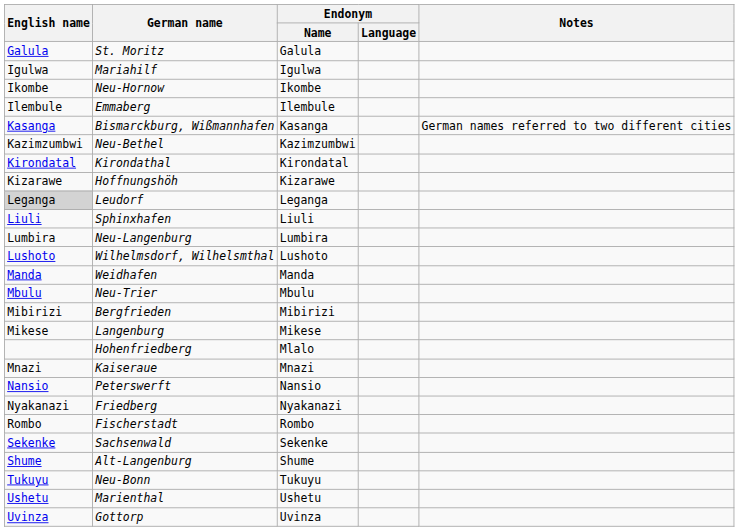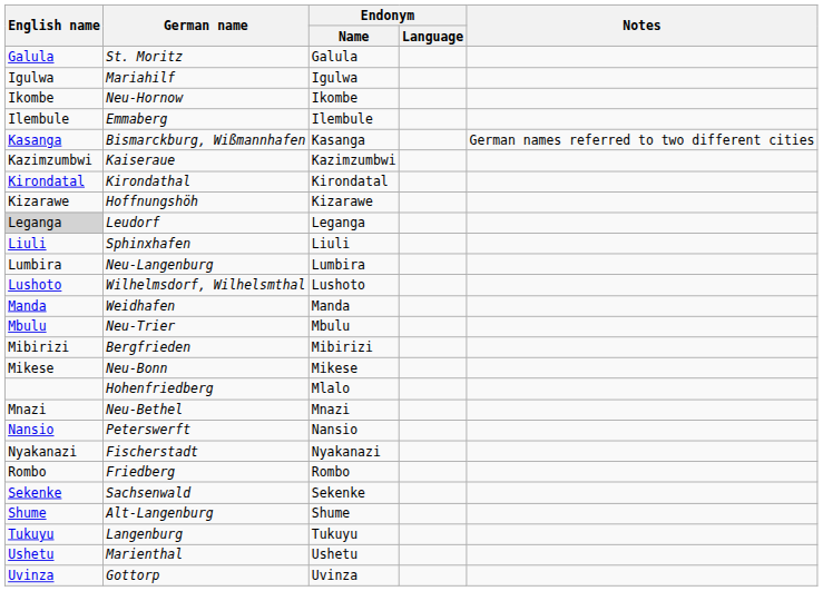 <table class="wikitable sortable mw-collapsible">
 <tr>
 <th rowspan="2">English name</th>
 <th rowspan="2">German name</th>
 <th colspan="2">Endonym</th>
 <th rowspan="2">Notes</th>
 </tr>
 <tr>
 <th>Name</th>
 <th>Language</th>
 </tr>
 <tr>
 <td><a href='#'>Galula</a></td>
 <td><em>St. Moritz</em></td>
 <td>Galula</td>
 <td></td>
 <td></td>
 </tr>
 <tr>
 <td>Igulwa</td>
 <td><em>Mariahilf</em></td>
 <td>Igulwa</td>
 <td></td>
 <td></td>
 </tr>
 <tr>
 <td>Ikombe</td>
 <td><em>Neu-Hornow</em></td>
 <td>Ikombe</td>
 <td></td>
 <td></td>
 </tr>
 <tr>
 <td>Ilembule</td>
 <td><em>Emmaberg</em></td>
 <td>Ilembule</td>
 <td></td>
 <td></td>
 </tr>
 <tr>
 <td><a href='#'>Kasanga</a></td>
 <td><em>Bismarckburg, Wißmannhafen</em></td>
 <td>Kasanga</td>
 <td></td>
 <td>German names referred to two different cities</td>
 </tr>
 <tr>
 <td>Kazimzumbwi</td>
-<td><em>Neu-Bethel</em></td>
+<td><em>Kaiseraue</em></td>
 <td>Kazimzumbwi</td>
 <td></td>
 <td></td>
 </tr>
 <tr>
 <td><a href='#'>Kirondatal</a></td>
 <td><em>Kirondathal</em></td>
 <td>Kirondatal</td>
 <td></td>
 <td></td>
 </tr>
 <tr>
 <td>Kizarawe</td>
 <td><em>Hoffnungshöh</em></td>
 <td>Kizarawe</td>
 <td></td>
 <td></td>
 </tr>
 <tr>
 <td style="background: lightgrey;">Leganga</td>
 <td><em>Leudorf</em></td>
 <td>Leganga</td>
 <td></td>
 <td></td>
 </tr>
 <tr>
 <td><a href='#'>Liuli</a></td>
 <td><em>Sphinxhafen</em></td>
 <td>Liuli</td>
 <td></td>
 <td></td>
 </tr>
 <tr>
 <td>Lumbira</td>
 <td><em>Neu-Langenburg</em></td>
 <td>Lumbira</td>
 <td></td>
 <td></td>
 </tr>
 <tr>
 <td><a href='#'>Lushoto</a></td>
 <td><em>Wilhelmsdorf, Wilhelsmthal</em></td>
 <td>Lushoto</td>
 <td></td>
 <td></td>
 </tr>
 <tr>
 <td><a href='#'>Manda</a></td>
 <td><em>Weidhafen</em></td>
 <td>Manda</td>
 <td></td>
 <td></td>
 </tr>
 <tr>
 <td><a href='#'>Mbulu</a></td>
 <td><em>Neu-Trier</em></td>
 <td>Mbulu</td>
 <td></td>
 <td></td>
 </tr>
 <tr>
 <td>Mibirizi</td>
 <td><em>Bergfrieden</em></td>
 <td>Mibirizi</td>
 <td></td>
 <td></td>
 </tr>
 <tr>
 <td>Mikese</td>
-<td><em>Langenburg</em></td>
+<td><em>Neu-Bonn</em></td>
 <td>Mikese</td>
 <td></td>
 <td></td>
 </tr>
 <tr>
 <td></td>
 <td><em>Hohenfriedberg</em></td>
 <td>Mlalo</td>
 <td></td>
 <td></td>
 </tr>
 <tr>
 <td>Mnazi</td>
-<td><em>Kaiseraue</em></td>
+<td><em>Neu-Bethel</em></td>
 <td>Mnazi</td>
 <td></td>
 <td></td>
 </tr>
 <tr>
 <td><a href='#'>Nansio</a></td>
 <td><em>Peterswerft</em></td>
 <td>Nansio</td>
 <td></td>
 <td></td>
 </tr>
 <tr>
 <td>Nyakanazi</td>
-<td><em>Friedberg</em></td>
+<td><em>Fischerstadt</em></td>
 <td>Nyakanazi</td>
 <td></td>
 <td></td>
 </tr>
 <tr>
 <td>Rombo</td>
-<td><em>Fischerstadt</em></td>
+<td><em>Friedberg</em></td>
 <td>Rombo</td>
 <td></td>
 <td></td>
 </tr>
 <tr>
 <td><a href='#'>Sekenke</a></td>
 <td><em>Sachsenwald</em></td>
 <td>Sekenke</td>
 <td></td>
 <td></td>
 </tr>
 <tr>
 <td><a href='#'>Shume</a></td>
 <td><em>Alt-Langenburg</em></td>
 <td>Shume</td>
 <td></td>
 <td></td>
 </tr>
 <tr>
 <td><a href='#'>Tukuyu</a></td>
-<td><em>Neu-Bonn</em></td>
+<td><em>Langenburg</em></td>
 <td>Tukuyu</td>
 <td></td>
 <td></td>
 </tr>
 <tr>
 <td><a href='#'>Ushetu</a></td>
 <td><em>Marienthal</em></td>
 <td>Ushetu</td>
 <td></td>
 <td></td>
 </tr>
 <tr>
 <td><a href='#'>Uvinza</a></td>
 <td><em>Gottorp</em></td>
 <td>Uvinza</td>
 <td></td>
 <td></td>
 </tr>
 </table>
